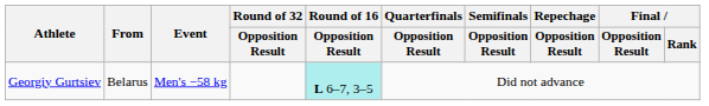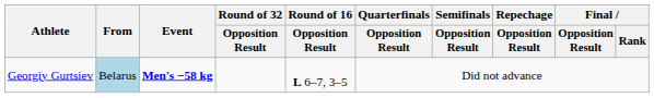 <table class=wikitable style="text-align:center; font-size:90%">
 <tr>
 <th rowspan=2>Athlete</th>
 <th rowspan=2>From</th>
 <th rowspan=2>Event</th>
 <th>Round of 32</th>
 <th>Round of 16</th>
 <th>Quarterfinals</th>
 <th>Semifinals</th>
 <th>Repechage</th>
 <th colspan=2>Final / </th>
 </tr>
 <tr style="font-size:95%">
 <th>Opposition<br>Result</th>
 <th>Opposition<br>Result</th>
 <th>Opposition<br>Result</th>
 <th>Opposition<br>Result</th>
 <th>Opposition<br>Result</th>
 <th>Opposition<br>Result</th>
 <th>Rank</th>
 </tr>
 <tr>
 <td align=left><a href='#'>Georgiy Gurtsiev</a></td>
-<td align=left>Belarus</td>
-<td align=left><a href='#'>Men's −58 kg</a></td>
+<td align=left style="background: lightblue;">Belarus</td>
+<td align=left><strong><a href='#'>Men's −58 kg</a></strong></td>
 <td></td>
-<td style="background: paleturquoise;"><br><strong>L</strong> 6–7, 3–5</td>
+<td><br><strong>L</strong> 6–7, 3–5</td>
 <td colspan=5>Did not advance</td>
 </tr>
 </table>
